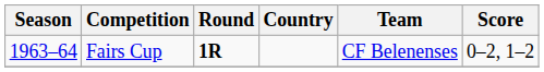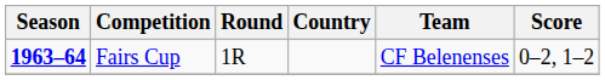 <table class="wikitable">
 <tr>
 <th>Season</th>
 <th>Competition</th>
 <th>Round</th>
 <th>Country</th>
 <th>Team</th>
 <th>Score</th>
 </tr>
 <tr>
-<td><a href='#'>1963–64</a></td>
+<td><strong><a href='#'>1963–64</a></strong></td>
 <td><a href='#'>Fairs Cup</a></td>
-<td><strong>1R</strong></td>
+<td>1R</td>
 <td></td>
 <td><a href='#'>CF Belenenses</a></td>
 <td>0–2, 1–2</td>
 </tr>
 <tr>
 </tr>
 </table>
